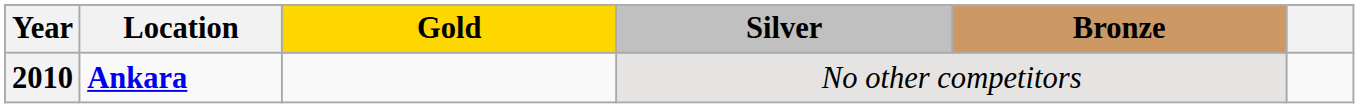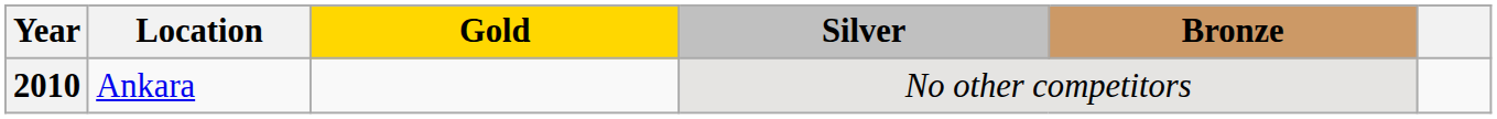 <table class="wikitable unsortable" style="text-align:left; width:80%">
 <tr>
 <th scope="col" style="text-align:center; width:5%">Year</th>
 <th scope="col" style="text-align:center; width:15%">Location</th>
 <td scope="col" style="text-align:center; width:25%; background:gold"><strong>Gold</strong></td>
 <td scope="col" style="text-align:center; width:25%; background:silver"><strong>Silver</strong></td>
 <td scope="col" style="text-align:center; width:25%; background:#c96"><strong>Bronze</strong></td>
 <th scope="col" style="text-align:center; width:5%"></th>
 </tr>
 <tr>
 <th scope="row" style="text-align:left">2010</th>
-<td><strong><a href='#'>Ankara</a></strong></td>
+<td><a href='#'>Ankara</a></td>
 <td></td>
 <td colspan=2 align=center bgcolor="e5e4e2"><em>No other competitors</em></td>
 <td></td>
 </tr>
 </table>
